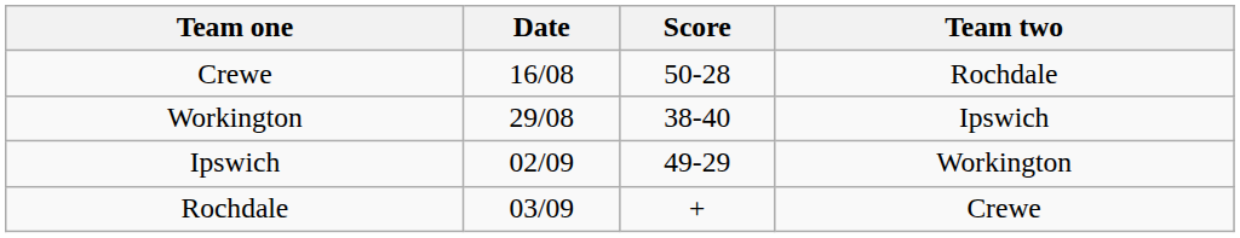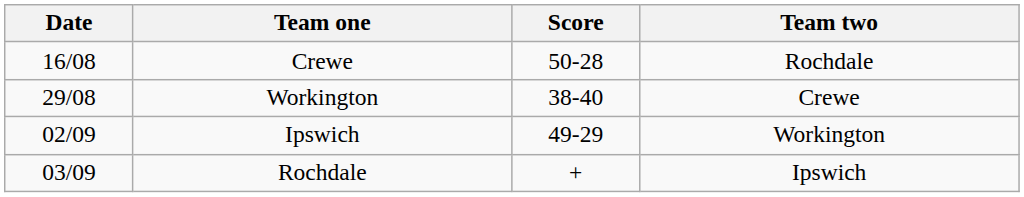 <table class="wikitable" style="text-align: center">
 <tr>
+<th width=80>Date</th>
 <th width=250>Team one</th>
-<th width=80>Date</th>
 <th width=80>Score</th>
 <th width=250>Team two</th>
 </tr>
 <tr>
+<td>16/08</td>
 <td>Crewe</td>
-<td>16/08</td>
 <td>50-28</td>
 <td>Rochdale</td>
 </tr>
 <tr>
+<td>29/08</td>
 <td>Workington</td>
-<td>29/08</td>
 <td>38-40</td>
-<td>Ipswich</td>
+<td>Crewe</td>
 </tr>
 <tr>
+<td>02/09</td>
 <td>Ipswich</td>
-<td>02/09</td>
 <td>49-29</td>
 <td>Workington</td>
 </tr>
 <tr>
+<td>03/09</td>
 <td>Rochdale</td>
-<td>03/09</td>
 <td>+</td>
-<td>Crewe</td>
+<td>Ipswich</td>
 </tr>
 </table>
